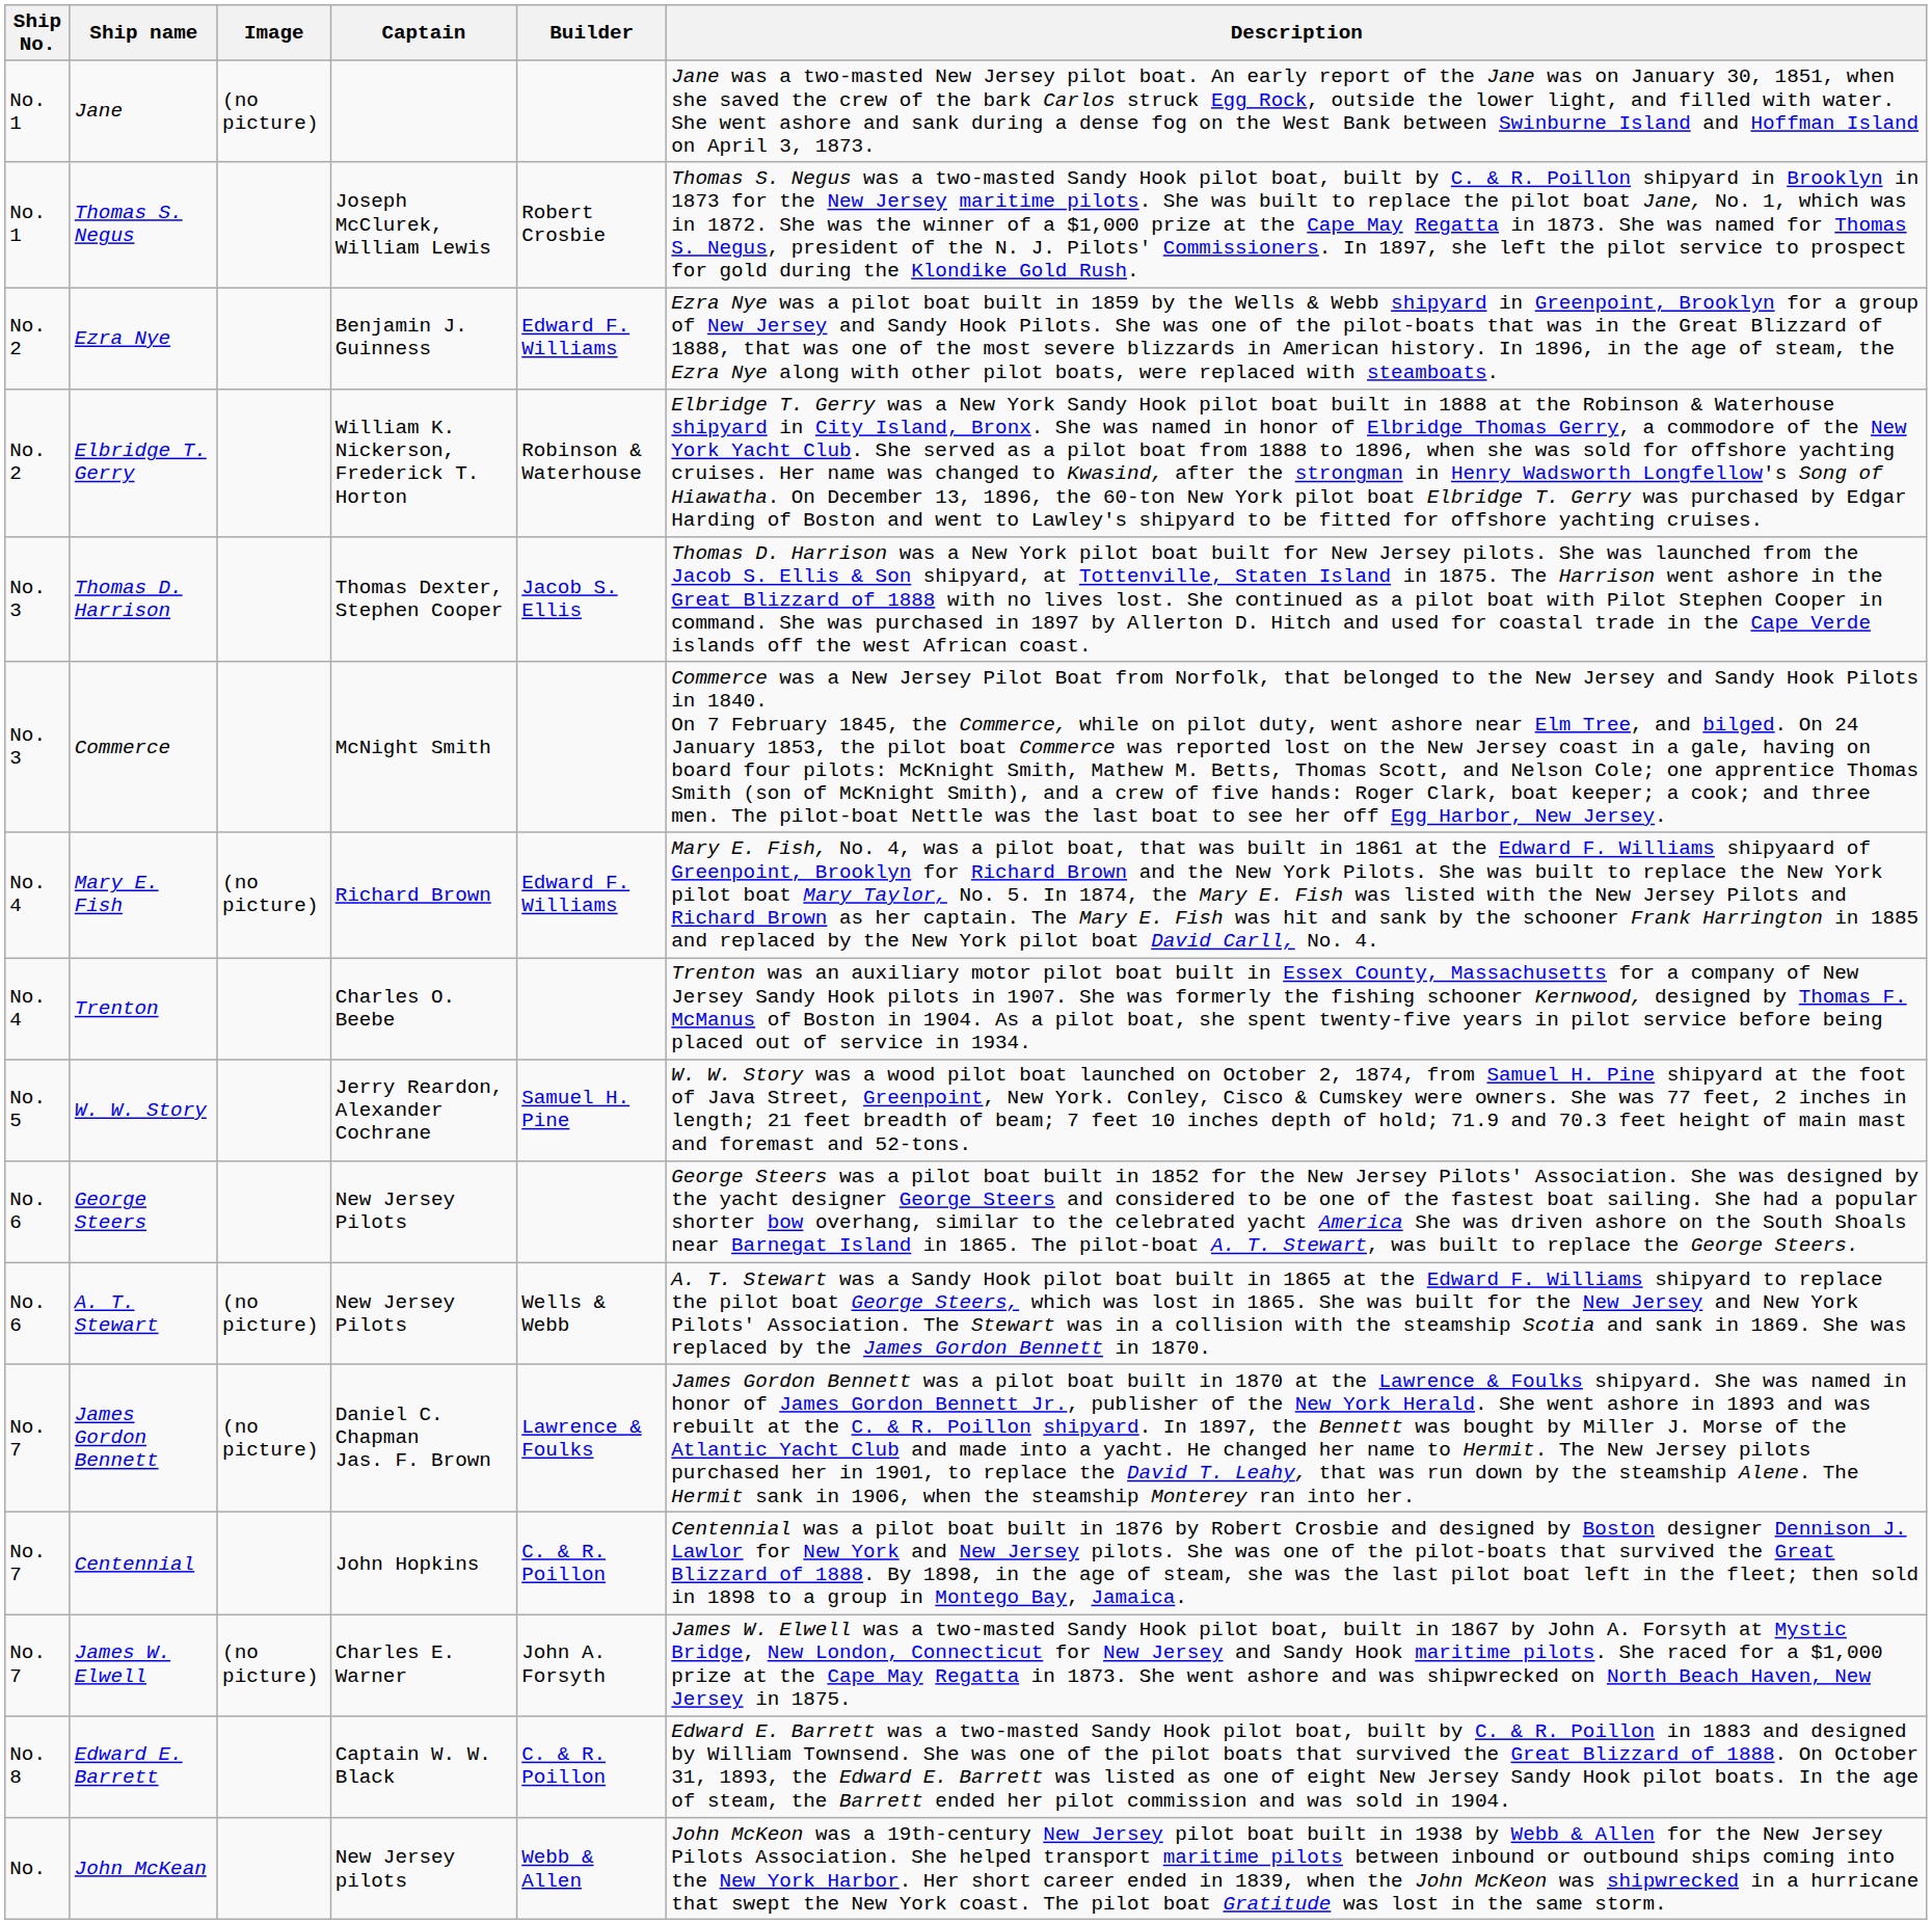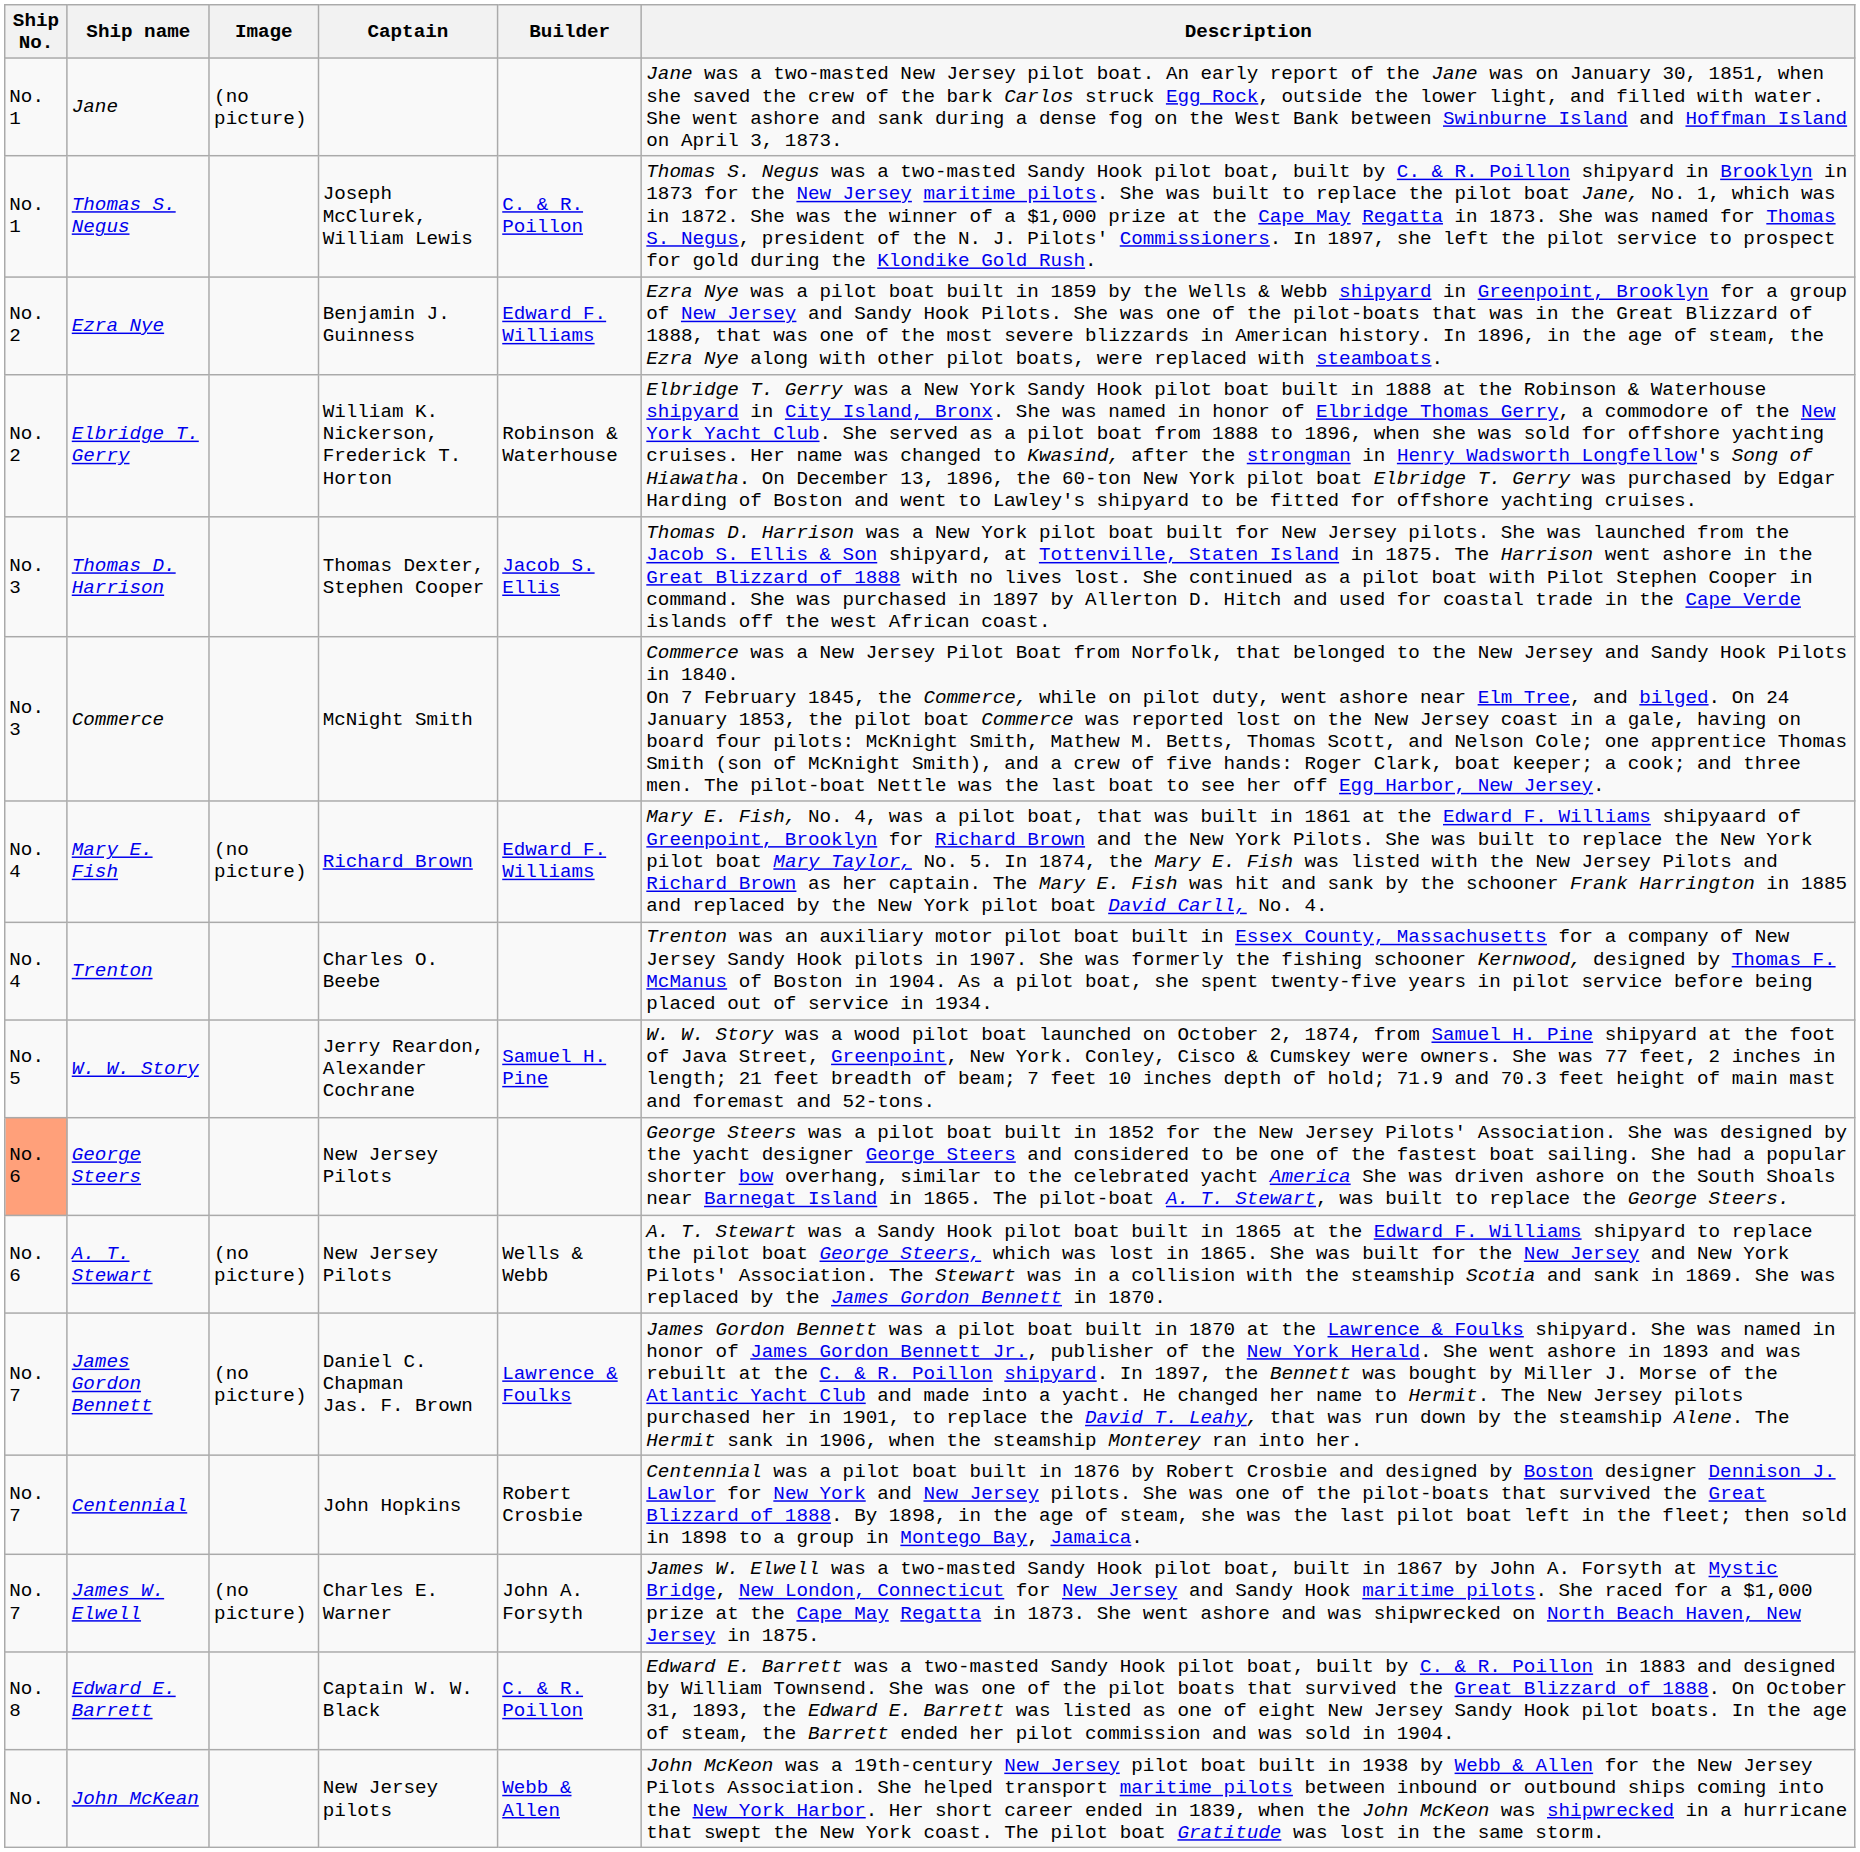 <table class="wikitable sortable">
 <tr>
 <th>Ship No.</th>
 <th>Ship name</th>
 <th>Image</th>
 <th>Captain</th>
 <th>Builder</th>
 <th>Description</th>
 </tr>
 <tr>
 <td>No. 1</td>
 <td><em>Jane</em></td>
 <td>(no picture)</td>
 <td></td>
 <td></td>
 <td><em>Jane</em> was a two-masted New Jersey pilot boat. An early report of the <em>Jane</em> was on January 30, 1851, when she saved the crew of the bark <em>Carlos</em> struck <a href='#'>Egg Rock</a>, outside the lower light, and filled with water.<br>She went ashore and sank during a dense fog on the West Bank between <a href='#'>Swinburne Island</a> and <a href='#'>Hoffman Island</a> on April 3, 1873.</td>
 </tr>
 <tr>
 <td>No. 1</td>
 <td><a href='#'><em>Thomas S. Negus</em></a></td>
 <td></td>
 <td>Joseph McClurek, William Lewis</td>
-<td>Robert Crosbie</td>
+<td><a href='#'>C. & R. Poillon</a></td>
 <td><em>Thomas S. Negus</em> was a two-masted Sandy Hook pilot boat, built by <a href='#'>C. & R. Poillon</a> shipyard in <a href='#'>Brooklyn</a> in 1873 for the <a href='#'>New Jersey</a> <a href='#'>maritime pilots</a>. She was built to replace the pilot boat <em>Jane,</em> No. 1, which was in 1872. She was the winner of a $1,000 prize at the <a href='#'>Cape May</a> <a href='#'>Regatta</a> in 1873. She was named for <a href='#'>Thomas S. Negus</a>, president of the N. J. Pilots' <a href='#'>Commissioners</a>. In 1897, she left the pilot service to prospect for gold during the <a href='#'>Klondike Gold Rush</a>.</td>
 </tr>
 <tr>
 <td>No. 2</td>
 <td><em><a href='#'>Ezra Nye</a></em></td>
 <td></td>
 <td>Benjamin J. Guinness</td>
 <td><a href='#'>Edward F. Williams</a></td>
 <td><em>Ezra Nye</em> was a pilot boat built in 1859 by the Wells & Webb <a href='#'>shipyard</a> in <a href='#'>Greenpoint, Brooklyn</a> for a group of <a href='#'>New Jersey</a> and Sandy Hook Pilots. She was one of the pilot-boats that was in the Great Blizzard of 1888, that was one of the most severe blizzards in American history. In 1896, in the age of steam, the <em>Ezra Nye</em> along with other pilot boats, were replaced with <a href='#'>steamboats</a>.</td>
 </tr>
 <tr>
 <td>No. 2</td>
 <td><a href='#'><em>Elbridge T. Gerry</em></a></td>
 <td></td>
 <td>William K. Nickerson, Frederick T. Horton</td>
 <td>Robinson & Waterhouse</td>
 <td><em>Elbridge T. Gerry</em> was a New York Sandy Hook pilot boat built in 1888 at the Robinson & Waterhouse <a href='#'>shipyard</a> in <a href='#'>City Island, Bronx</a>. She was named in honor of <a href='#'>Elbridge Thomas Gerry</a>, a commodore of the <a href='#'>New York Yacht Club</a>. She served as a pilot boat from 1888 to 1896, when she was sold for offshore yachting cruises. Her name was changed to <em>Kwasind,</em> after the <a href='#'>strongman</a> in <a href='#'>Henry Wadsworth Longfellow</a>'s <em>Song of Hiawatha</em>. On December 13, 1896, the 60-ton New York pilot boat <em>Elbridge T. Gerry</em> was purchased by Edgar Harding of Boston and went to Lawley's shipyard to be fitted for offshore yachting cruises.</td>
 </tr>
 <tr>
 <td>No. 3</td>
 <td><em><a href='#'>Thomas D. Harrison</a></em></td>
 <td></td>
 <td>Thomas Dexter, Stephen Cooper</td>
 <td><a href='#'>Jacob S. Ellis</a></td>
 <td><em>Thomas D. Harrison</em> was a New York pilot boat built for New Jersey pilots. She was launched from the <a href='#'>Jacob S. Ellis & Son</a> shipyard, at <a href='#'>Tottenville, Staten Island</a> in 1875. The <em>Harrison</em> went ashore in the <a href='#'>Great Blizzard of 1888</a> with no lives lost. She continued as a pilot boat with Pilot Stephen Cooper in command. She was purchased in 1897 by Allerton D. Hitch and used for coastal trade in the <a href='#'>Cape Verde</a> islands off the west African coast.</td>
 </tr>
 <tr>
 <td>No. 3</td>
 <td><em>Commerce</em></td>
 <td></td>
 <td>McNight Smith</td>
 <td></td>
 <td><em>Commerce</em> was a New Jersey Pilot Boat from Norfolk, that belonged to the New Jersey and Sandy Hook Pilots in 1840.<br>On 7 February 1845, the <em>Commerce,</em> while on pilot duty, went ashore near <a href='#'>Elm Tree</a>, and <a href='#'>bilged</a>.  On 24 January 1853, the pilot boat <em>Commerce</em> was reported lost on the New Jersey coast in a gale, having on board four pilots: McKnight Smith, Mathew M. Betts, Thomas Scott, and Nelson Cole; one apprentice Thomas Smith (son of McKnight Smith), and a crew of five hands: Roger Clark, boat keeper; a cook; and three men. The pilot-boat Nettle was the last boat to see her off <a href='#'>Egg Harbor, New Jersey</a>.</td>
 </tr>
 <tr>
 <td>No. 4</td>
 <td><em><a href='#'>Mary E. Fish</a></em></td>
 <td>(no picture)</td>
 <td><a href='#'>Richard Brown</a></td>
 <td><a href='#'>Edward F. Williams</a></td>
 <td><em>Mary E. Fish,</em> No. 4, was a pilot boat, that was built in 1861 at the <a href='#'>Edward F. Williams</a> shipyaard of <a href='#'>Greenpoint, Brooklyn</a> for <a href='#'>Richard Brown</a> and the New York Pilots. She was built to replace the New York pilot boat <a href='#'><em>Mary Taylor,</em></a> No. 5. In 1874, the <em>Mary E. Fish</em> was listed with the New Jersey Pilots and <a href='#'>Richard Brown</a> as her captain. The <em>Mary E. Fish</em> was hit and sank by the schooner <em>Frank Harrington</em> in 1885 and replaced by the New York pilot boat <a href='#'><em>David Carll,</em></a> No. 4.</td>
 </tr>
 <tr>
 <td>No. 4</td>
 <td><a href='#'><em>Trenton</em></a></td>
 <td></td>
 <td>Charles O. Beebe</td>
 <td></td>
 <td><em>Trenton</em> was an auxiliary motor pilot boat built in <a href='#'>Essex County, Massachusetts</a> for a company of New Jersey Sandy Hook pilots in 1907. She was formerly the fishing schooner <em>Kernwood,</em> designed by <a href='#'>Thomas F. McManus</a> of Boston in 1904. As a pilot boat, she spent twenty-five years in pilot service before being placed out of service in 1934.</td>
 </tr>
 <tr>
 <td>No. 5</td>
 <td><a href='#'><em>W. W. Story</em></a></td>
 <td></td>
 <td>Jerry Reardon, Alexander Cochrane</td>
 <td><a href='#'>Samuel H. Pine</a></td>
 <td><em>W. W. Story</em> was a wood pilot boat launched on October 2, 1874, from <a href='#'>Samuel H. Pine</a> shipyard at the foot of Java Street, <a href='#'>Greenpoint</a>, New York. Conley, Cisco & Cumskey were owners. She was 77 feet, 2 inches in length; 21 feet breadth of beam; 7 feet 10 inches depth of hold; 71.9 and 70.3 feet height of main mast and foremast and 52-tons.</td>
 </tr>
 <tr>
-<td>No. 6</td>
+<td style="background: lightsalmon;">No. 6</td>
 <td><a href='#'><em>George Steers</em></a></td>
 <td></td>
 <td>New Jersey Pilots</td>
 <td></td>
 <td><em>George Steers</em> was a pilot boat built in 1852 for the New Jersey Pilots' Association. She was designed by the yacht designer <a href='#'>George Steers</a> and considered to be one of the fastest boat sailing. She had a popular shorter <a href='#'>bow</a> overhang, similar to the celebrated yacht <em><a href='#'>America</a></em> She was driven ashore on the South Shoals near <a href='#'>Barnegat Island</a> in 1865. The pilot-boat <a href='#'><em>A. T. Stewart</em></a>, was built to replace the <em>George Steers.</em></td>
 </tr>
 <tr>
 <td>No. 6</td>
 <td><a href='#'><em>A. T. Stewart</em></a></td>
 <td>(no picture)</td>
 <td>New Jersey Pilots</td>
 <td>Wells & Webb</td>
 <td><em>A. T. Stewart</em> was a Sandy Hook pilot boat built in 1865 at the <a href='#'>Edward F. Williams</a> shipyard to replace the pilot boat <a href='#'><em>George Steers,</em></a> which was lost in 1865. She was built for the <a href='#'>New Jersey</a> and New York Pilots' Association. The <em>Stewart</em> was in a collision with the steamship <em>Scotia</em> and sank in 1869. She was replaced by the <a href='#'><em>James Gordon Bennett</em></a> in 1870.</td>
 </tr>
 <tr>
 <td>No. 7</td>
 <td><a href='#'><em>James Gordon Bennett</em></a></td>
 <td>(no picture)</td>
 <td>Daniel C. Chapman<br>Jas. F. Brown</td>
 <td><a href='#'>Lawrence & Foulks</a></td>
 <td><em>James Gordon Bennett</em> was a pilot boat built in 1870 at the <a href='#'>Lawrence & Foulks</a> shipyard. She was named in honor of <a href='#'>James Gordon Bennett Jr.</a>, publisher of the <a href='#'>New York Herald</a>. She went ashore in 1893 and was rebuilt at the <a href='#'>C. & R. Poillon</a> <a href='#'>shipyard</a>. In 1897, the <em>Bennett</em> was bought by Miller J. Morse of the <a href='#'>Atlantic Yacht Club</a> and made into a yacht. He changed her name to <em>Hermit</em>. The New Jersey pilots purchased her in 1901, to replace the <em><a href='#'>David T. Leahy</a>,</em> that was run down by the steamship <em>Alene</em>. The <em>Hermit</em> sank in 1906, when the steamship <em>Monterey</em> ran into her.</td>
 </tr>
 <tr>
 <td>No. 7</td>
 <td><a href='#'><em>Centennial</em></a></td>
 <td></td>
 <td>John Hopkins</td>
-<td><a href='#'>C. & R. Poillon</a></td>
+<td>Robert Crosbie</td>
 <td><em>Centennial</em> was a pilot boat built in 1876 by Robert Crosbie and designed by <a href='#'>Boston</a> designer <a href='#'>Dennison J. Lawlor</a> for <a href='#'>New York</a> and <a href='#'>New Jersey</a> pilots. She was one of the pilot-boats that survived the <a href='#'>Great Blizzard of 1888</a>. By 1898, in the age of steam, she was the last pilot boat left in the fleet; then sold in 1898 to a group in <a href='#'>Montego Bay</a>, <a href='#'>Jamaica</a>.</td>
 </tr>
 <tr>
 <td>No. 7</td>
 <td><a href='#'><em>James W. Elwell</em></a></td>
 <td>(no picture)</td>
 <td>Charles E. Warner</td>
 <td>John A. Forsyth</td>
 <td><em>James W. Elwell</em> was a two-masted Sandy Hook pilot boat, built in 1867 by John A. Forsyth at <a href='#'>Mystic Bridge</a>, <a href='#'>New London, Connecticut</a> for <a href='#'>New Jersey</a> and Sandy Hook <a href='#'>maritime pilots</a>. She raced for a $1,000 prize at the <a href='#'>Cape May</a> <a href='#'>Regatta</a> in 1873. She went ashore and was shipwrecked on <a href='#'>North Beach Haven, New Jersey</a> in 1875.</td>
 </tr>
 <tr>
 <td>No. 8</td>
 <td><em><a href='#'>Edward E. Barrett</a></em></td>
 <td></td>
 <td>Captain W. W. Black</td>
 <td><a href='#'>C. & R. Poillon</a></td>
 <td><em>Edward E. Barrett</em> was a two-masted Sandy Hook pilot boat, built by <a href='#'>C. & R. Poillon</a> in 1883 and designed by William Townsend. She was one of the pilot boats that survived the <a href='#'>Great Blizzard of 1888</a>. On October 31, 1893, the <em>Edward E. Barrett</em> was listed as one of eight New Jersey Sandy Hook pilot boats. In the age of steam, the <em>Barrett</em> ended her pilot commission and was sold in 1904.</td>
 </tr>
 <tr>
 <td>No.</td>
 <td><a href='#'><em>John McKean</em></a></td>
 <td></td>
 <td>New Jersey pilots</td>
 <td><a href='#'>Webb & Allen</a></td>
 <td><em>John McKeon</em> was a 19th-century <a href='#'>New Jersey</a> pilot boat built in 1938 by <a href='#'>Webb & Allen</a> for the New Jersey Pilots Association. She helped transport <a href='#'>maritime pilots</a> between inbound or outbound ships coming into the <a href='#'>New York Harbor</a>. Her short career ended in 1839, when the <em>John McKeon</em> was <a href='#'>shipwrecked</a> in a hurricane that swept the New York coast. The pilot boat <a href='#'><em>Gratitude</em></a> was lost in the same storm.</td>
 </tr>
 </table>
